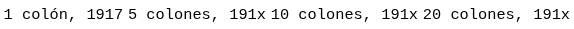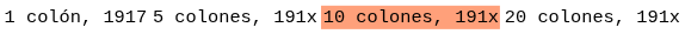 <table>
 <tr>
 <td></td>
 <td></td>
 <td></td>
 <td></td>
 </tr>
 <tr>
 <td></td>
 <td></td>
 <td></td>
 <td></td>
 </tr>
 <tr style="text-align:center;">
 <td>1 colón, 1917</td>
 <td style="text-align:center;">5 colones, 191x</td>
-<td style="text-align:center;">10 colones, 191x</td>
+<td style="background: lightsalmon; text-align:center;">10 colones, 191x</td>
 <td style="text-align:center;">20 colones, 191x</td>
 </tr>
 </table>
